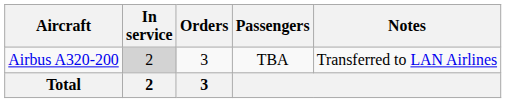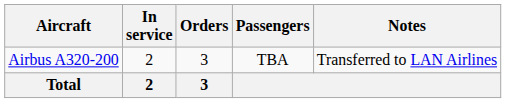 <table class="wikitable" style="margin:0.5em auto; text-align:center">
 <tr>
 <th>Aircraft</th>
 <th>In <br> service</th>
 <th>Orders</th>
 <th>Passengers</th>
 <th>Notes</th>
 </tr>
 <tr>
 <td><a href='#'>Airbus A320-200</a></td>
-<td style="background: lightgrey;">2</td>
+<td>2</td>
 <td>3</td>
 <td>TBA</td>
 <td>Transferred to <a href='#'>LAN Airlines</a></td>
 </tr>
 <tr>
 <th>Total</th>
 <th>2</th>
 <th>3</th>
 <th colspan=2></th>
 </tr>
 </table>
